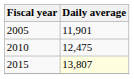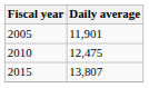 <table class="wikitable">
 <tr>
 <th>Fiscal year</th>
 <th>Daily average</th>
 </tr>
 <tr>
 <td>2005</td>
 <td>11,901</td>
 </tr>
 <tr>
 <td>2010</td>
 <td>12,475</td>
 </tr>
 <tr>
 <td>2015</td>
-<td style="background: lightyellow;">13,807</td>
+<td>13,807</td>
 </tr>
 <tr>
 </tr>
 </table>
